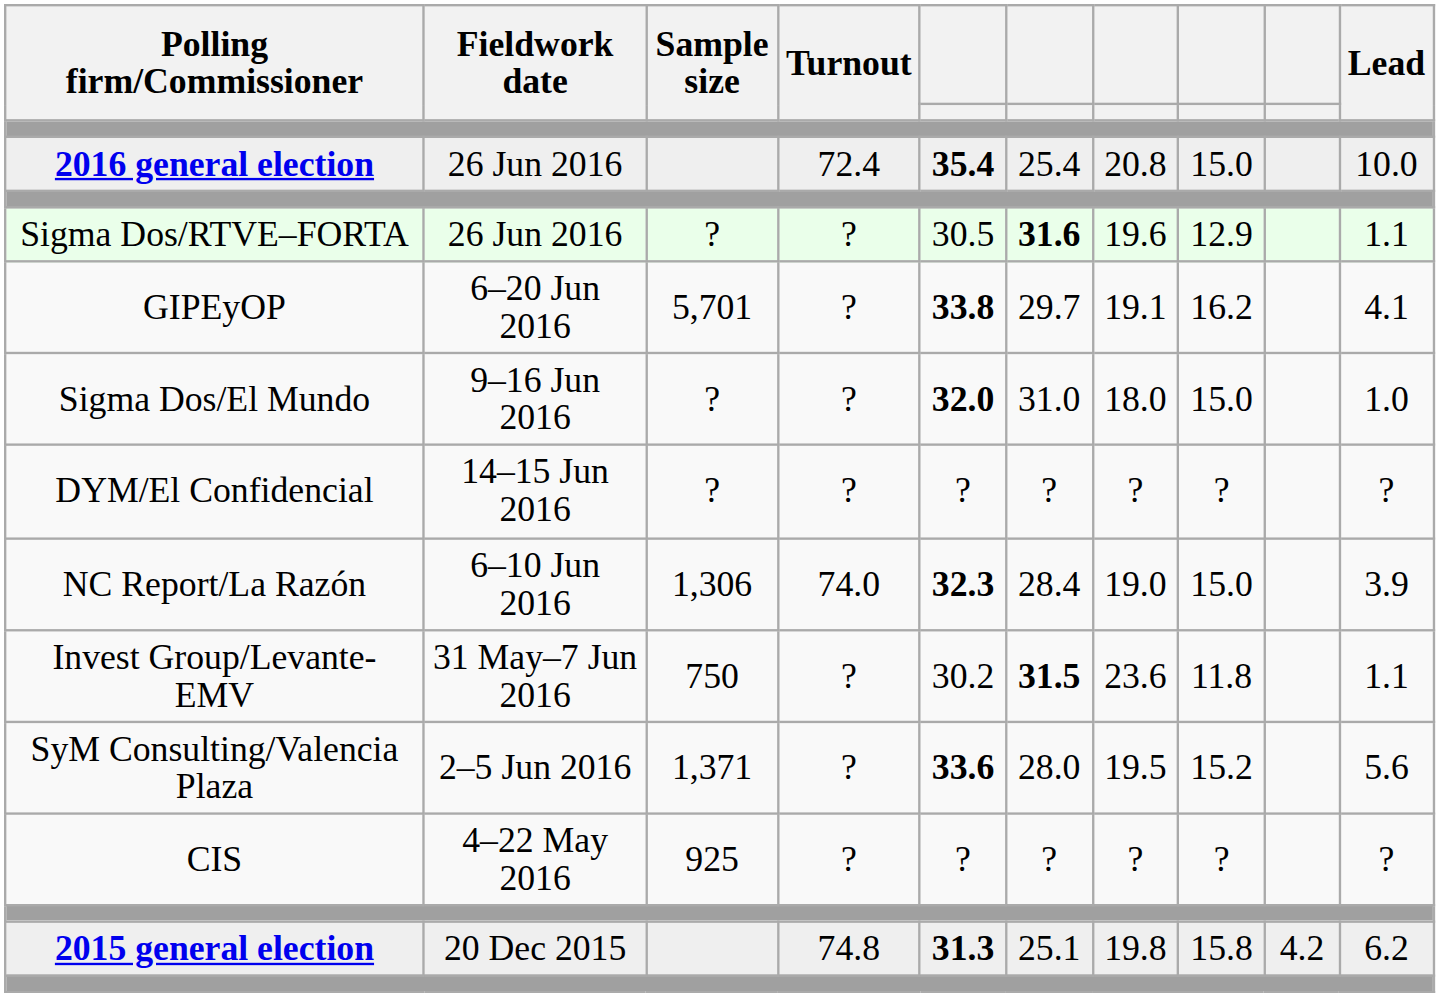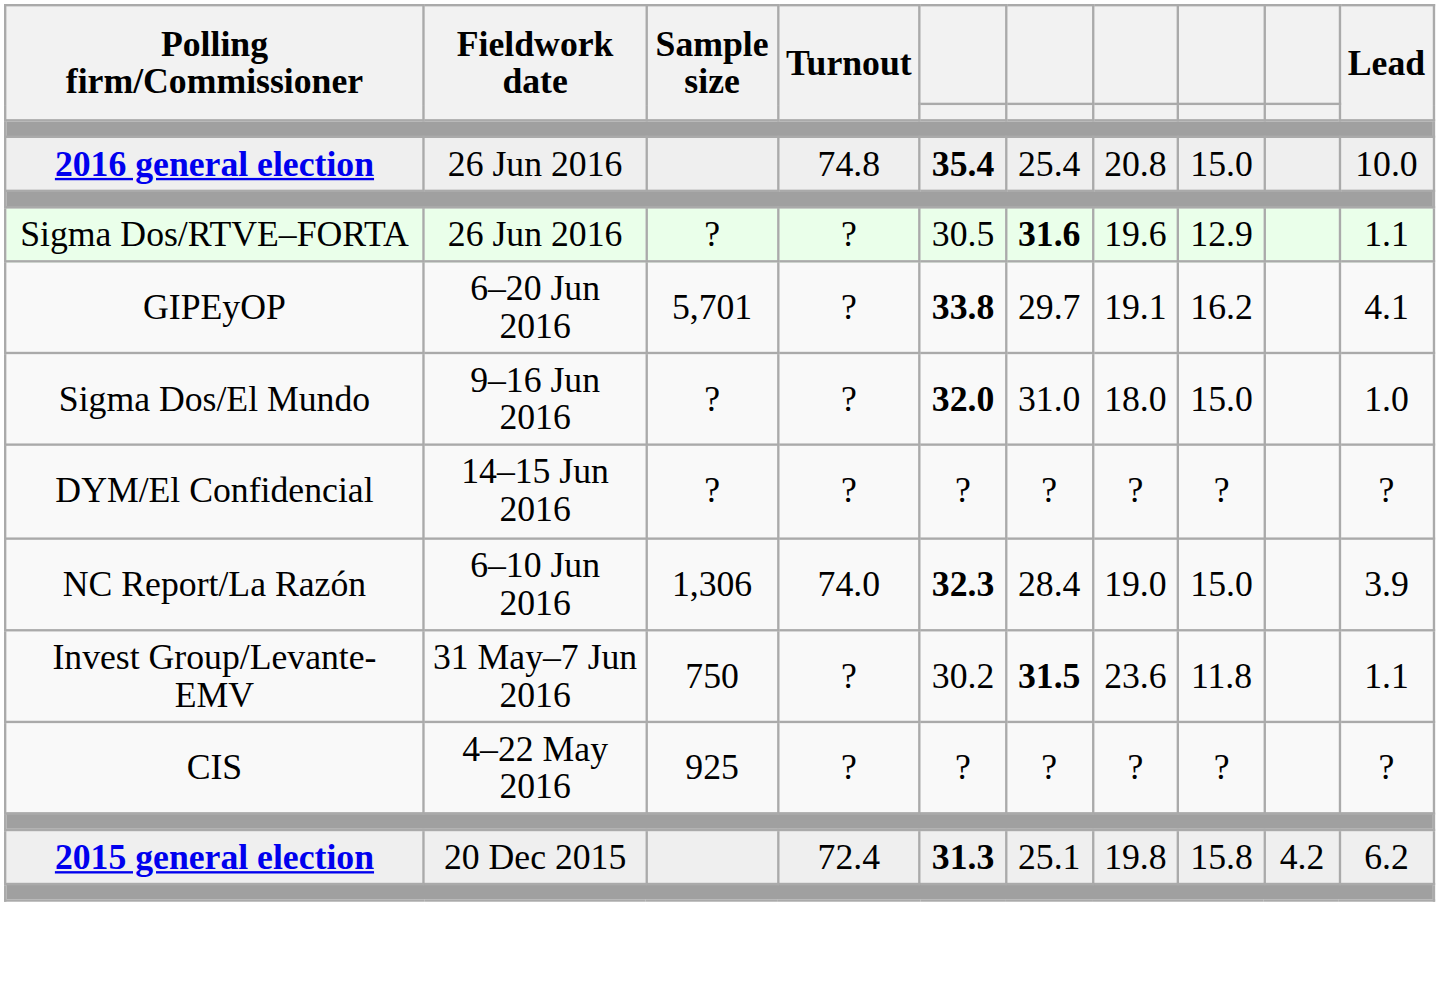 <table class="wikitable collapsible collapsed" style="text-align:center; font-size:95%; line-height:16px;">
 <tr style="height:42px; background-color:#E9E9E9">
 <th style="width:250px;" rowspan="2">Polling firm/Commissioner</th>
 <th style="width:125px;" rowspan="2">Fieldwork date</th>
 <th style="width:50px;" rowspan="2">Sample size</th>
 <th style="width:45px;" rowspan="2">Turnout</th>
 <th style="width:35px;"></th>
 <th style="width:35px;"><br></th>
 <th style="width:35px;"></th>
 <th style="width:35px;"></th>
 <th style="width:35px;"></th>
 <th style="width:30px;" rowspan="2">Lead</th>
 </tr>
 <tr>
 <th style="color:inherit;background:"></th>
 <th style="color:inherit;background:"></th>
 <th style="color:inherit;background:"></th>
 <th style="color:inherit;background:"></th>
 <th style="color:inherit;background:"></th>
 </tr>
 <tr>
 <td colspan="10" style="background:#A0A0A0"></td>
 </tr>
 <tr style="background:#EFEFEF;">
 <td><strong><a href='#'>2016 general election</a></strong></td>
 <td>26 Jun 2016</td>
 <td></td>
-<td>72.4</td>
+<td>74.8</td>
 <td><strong>35.4</strong><br></td>
 <td>25.4<br></td>
 <td>20.8<br></td>
 <td>15.0<br></td>
 <td></td>
 <td style="background:">10.0</td>
 </tr>
 <tr>
 <td colspan="10" style="background:#A0A0A0"></td>
 </tr>
 <tr style="background:#EAFFEA;">
 <td>Sigma Dos/RTVE–FORTA</td>
 <td>26 Jun 2016</td>
 <td>?</td>
 <td>?</td>
 <td>30.5<br></td>
 <td><strong>31.6</strong><br></td>
 <td>19.6<br></td>
 <td>12.9<br></td>
 <td></td>
 <td style="background:">1.1</td>
 </tr>
 <tr>
 <td>GIPEyOP</td>
 <td>6–20 Jun 2016</td>
 <td>5,701</td>
 <td>?</td>
 <td><strong>33.8</strong><br></td>
 <td>29.7<br></td>
 <td>19.1<br></td>
 <td>16.2<br></td>
 <td></td>
 <td style="background:">4.1</td>
 </tr>
 <tr>
 <td>Sigma Dos/El Mundo</td>
 <td>9–16 Jun 2016</td>
 <td>?</td>
 <td>?</td>
 <td><strong>32.0</strong><br></td>
 <td>31.0<br></td>
 <td>18.0<br></td>
 <td>15.0<br></td>
 <td></td>
 <td style="background:">1.0</td>
 </tr>
 <tr>
 <td>DYM/El Confidencial</td>
 <td>14–15 Jun 2016</td>
 <td>?</td>
 <td>?</td>
 <td>?<br></td>
 <td>?<br></td>
 <td>?<br></td>
 <td>?<br></td>
 <td></td>
 <td style="background:">?</td>
 </tr>
 <tr>
 <td>NC Report/La Razón</td>
 <td>6–10 Jun 2016</td>
 <td>1,306</td>
 <td>74.0</td>
 <td><strong>32.3</strong><br></td>
 <td>28.4<br></td>
 <td>19.0<br></td>
 <td>15.0<br></td>
 <td></td>
 <td style="background:">3.9</td>
 </tr>
 <tr>
 <td>Invest Group/Levante-EMV</td>
 <td>31 May–7 Jun 2016</td>
 <td>750</td>
 <td>?</td>
 <td>30.2<br></td>
 <td><strong>31.5</strong><br></td>
 <td>23.6<br></td>
 <td>11.8<br></td>
 <td></td>
 <td style="background:">1.1</td>
 </tr>
 <tr>
-<td>SyM Consulting/Valencia Plaza</td>
-<td>2–5 Jun 2016</td>
-<td>1,371</td>
-<td>?</td>
-<td><strong>33.6</strong><br></td>
-<td>28.0<br></td>
-<td>19.5<br></td>
-<td>15.2<br></td>
-<td></td>
-<td style="background:">5.6</td>
-</tr>
-<tr>
 <td>CIS</td>
 <td>4–22 May 2016</td>
 <td>925</td>
 <td>?</td>
 <td>?<br></td>
 <td>?<br></td>
 <td>?<br></td>
 <td>?<br></td>
 <td></td>
 <td style="background:">?</td>
 </tr>
 <tr>
 <td colspan="10" style="background:#A0A0A0"></td>
 </tr>
 <tr style="background:#EFEFEF;">
 <td><strong><a href='#'>2015 general election</a></strong></td>
 <td>20 Dec 2015</td>
 <td></td>
-<td>74.8</td>
+<td>72.4</td>
 <td><strong>31.3</strong><br></td>
 <td>25.1<br></td>
 <td>19.8<br></td>
 <td>15.8<br></td>
 <td>4.2<br></td>
 <td style="background:">6.2</td>
 </tr>
 <tr>
 <td colspan="10" style="background:#A0A0A0"></td>
 </tr>
 </table>
